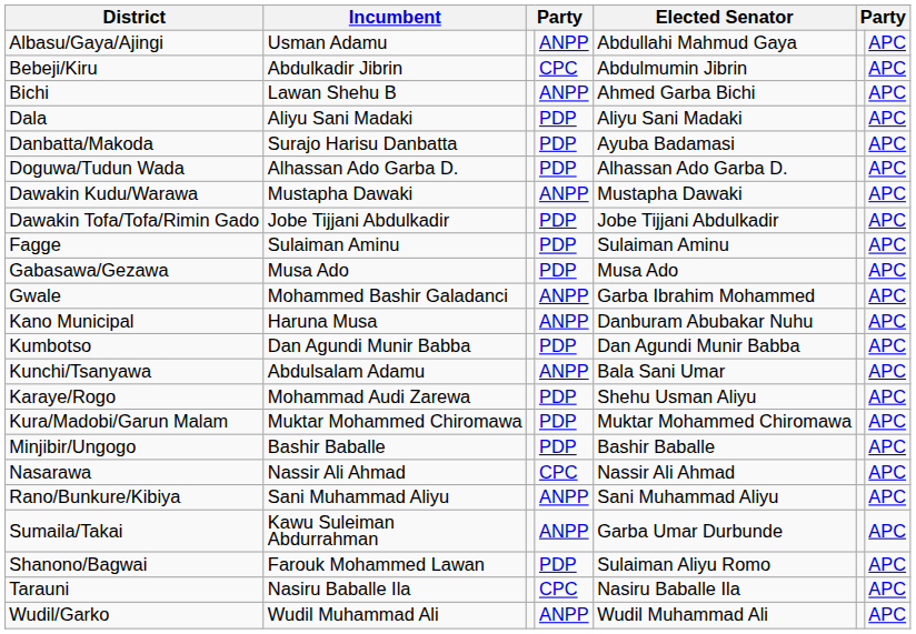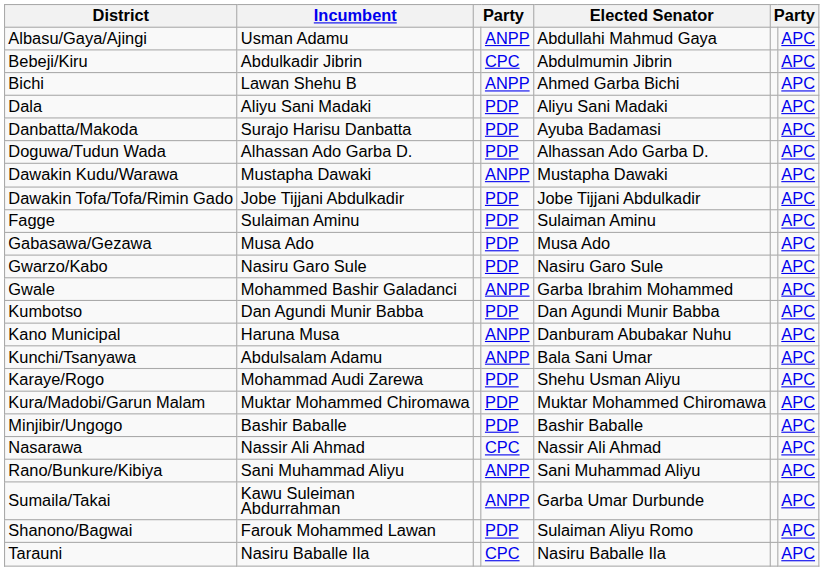 <table class="sortable wikitable" style="font-size:95%;line-height:14px;">
 <tr>
 <th class="unsortable">District</th>
 <th class="unsortable"><a href='#'>Incumbent</a></th>
 <th colspan="2">Party</th>
 <th class="unsortable">Elected Senator</th>
 <th colspan="2">Party</th>
 </tr>
 <tr>
 <td>Albasu/Gaya/Ajingi</td>
 <td>Usman Adamu</td>
 <td style="background:"></td>
 <td><a href='#'>ANPP</a></td>
 <td>Abdullahi Mahmud Gaya</td>
 <td style="background:"></td>
 <td><a href='#'>APC</a></td>
 </tr>
 <tr>
 <td>Bebeji/Kiru</td>
 <td>Abdulkadir Jibrin</td>
 <td style="background:"></td>
 <td><a href='#'>CPC</a></td>
 <td>Abdulmumin Jibrin</td>
 <td style="background:"></td>
 <td><a href='#'>APC</a></td>
 </tr>
 <tr>
 <td>Bichi</td>
 <td>Lawan Shehu B</td>
 <td style="background:"></td>
 <td><a href='#'>ANPP</a></td>
 <td>Ahmed Garba Bichi</td>
 <td style="background:"></td>
 <td><a href='#'>APC</a></td>
 </tr>
 <tr>
 <td>Dala</td>
 <td>Aliyu Sani Madaki</td>
 <td style="background:"></td>
 <td><a href='#'>PDP</a></td>
 <td>Aliyu Sani Madaki</td>
 <td style="background:"></td>
 <td><a href='#'>APC</a></td>
 </tr>
 <tr>
 <td>Danbatta/Makoda</td>
 <td>Surajo Harisu Danbatta</td>
 <td style="background:"></td>
 <td><a href='#'>PDP</a></td>
 <td>Ayuba Badamasi</td>
 <td style="background:"></td>
 <td><a href='#'>APC</a></td>
 </tr>
 <tr>
 <td>Doguwa/Tudun Wada</td>
 <td>Alhassan Ado Garba D.</td>
 <td style="background:"></td>
 <td><a href='#'>PDP</a></td>
 <td>Alhassan Ado Garba D.</td>
 <td style="background:"></td>
 <td><a href='#'>APC</a></td>
 </tr>
 <tr>
 <td>Dawakin Kudu/Warawa</td>
 <td>Mustapha Dawaki</td>
 <td style="background:"></td>
 <td><a href='#'>ANPP</a></td>
 <td>Mustapha Dawaki</td>
 <td style="background:"></td>
 <td><a href='#'>APC</a></td>
 </tr>
 <tr>
 <td>Dawakin Tofa/Tofa/Rimin Gado</td>
 <td>Jobe Tijjani Abdulkadir</td>
 <td style="background:"></td>
 <td><a href='#'>PDP</a></td>
 <td>Jobe Tijjani Abdulkadir</td>
 <td style="background:"></td>
 <td><a href='#'>APC</a></td>
 </tr>
 <tr>
 <td>Fagge</td>
 <td>Sulaiman Aminu</td>
 <td style="background:"></td>
 <td><a href='#'>PDP</a></td>
 <td>Sulaiman Aminu</td>
 <td style="background:"></td>
 <td><a href='#'>APC</a></td>
 </tr>
 <tr>
 <td>Gabasawa/Gezawa</td>
 <td>Musa Ado</td>
 <td style="background:"></td>
 <td><a href='#'>PDP</a></td>
 <td>Musa Ado</td>
 <td style="background:"></td>
 <td><a href='#'>APC</a></td>
 </tr>
 <tr>
+<td>Gwarzo/Kabo</td>
+<td>Nasiru Garo Sule</td>
+<td style="background:"></td>
+<td><a href='#'>PDP</a></td>
+<td>Nasiru Garo Sule</td>
+<td style="background:"></td>
+<td><a href='#'>APC</a></td>
+</tr>
+<tr>
 <td>Gwale</td>
 <td>Mohammed Bashir Galadanci</td>
 <td style="background:"></td>
 <td><a href='#'>ANPP</a></td>
 <td>Garba Ibrahim Mohammed</td>
 <td style="background:"></td>
 <td><a href='#'>APC</a></td>
 </tr>
 <tr>
+<td>Kumbotso</td>
+<td>Dan Agundi Munir Babba</td>
+<td style="background:"></td>
+<td><a href='#'>PDP</a></td>
+<td>Dan Agundi Munir Babba</td>
+<td style="background:"></td>
+<td><a href='#'>APC</a></td>
+</tr>
+<tr>
 <td>Kano Municipal</td>
 <td>Haruna Musa</td>
 <td style="background:"></td>
 <td><a href='#'>ANPP</a></td>
 <td>Danburam Abubakar Nuhu</td>
-<td style="background:"></td>
-<td><a href='#'>APC</a></td>
-</tr>
-<tr>
-<td>Kumbotso</td>
-<td>Dan Agundi Munir Babba</td>
-<td style="background:"></td>
-<td><a href='#'>PDP</a></td>
-<td>Dan Agundi Munir Babba</td>
 <td style="background:"></td>
 <td><a href='#'>APC</a></td>
 </tr>
 <tr>
 <td>Kunchi/Tsanyawa</td>
 <td>Abdulsalam Adamu</td>
 <td style="background:"></td>
 <td><a href='#'>ANPP</a></td>
 <td>Bala Sani Umar</td>
 <td style="background:"></td>
 <td><a href='#'>APC</a></td>
 </tr>
 <tr>
 <td>Karaye/Rogo</td>
 <td>Mohammad Audi Zarewa</td>
 <td style="background:"></td>
 <td><a href='#'>PDP</a></td>
 <td>Shehu Usman Aliyu</td>
 <td style="background:"></td>
 <td><a href='#'>APC</a></td>
 </tr>
 <tr>
 <td>Kura/Madobi/Garun Malam</td>
 <td>Muktar Mohammed Chiromawa</td>
 <td style="background:"></td>
 <td><a href='#'>PDP</a></td>
 <td>Muktar Mohammed Chiromawa</td>
 <td style="background:"></td>
 <td><a href='#'>APC</a></td>
 </tr>
 <tr>
 <td>Minjibir/Ungogo</td>
 <td>Bashir Baballe</td>
 <td style="background:"></td>
 <td><a href='#'>PDP</a></td>
 <td>Bashir Baballe</td>
 <td style="background:"></td>
 <td><a href='#'>APC</a></td>
 </tr>
 <tr>
 <td>Nasarawa</td>
 <td>Nassir Ali Ahmad</td>
 <td style="background:"></td>
 <td><a href='#'>CPC</a></td>
 <td>Nassir Ali Ahmad</td>
 <td style="background:"></td>
 <td><a href='#'>APC</a></td>
 </tr>
 <tr>
 <td>Rano/Bunkure/Kibiya</td>
 <td>Sani Muhammad Aliyu</td>
 <td style="background:"></td>
 <td><a href='#'>ANPP</a></td>
 <td>Sani Muhammad Aliyu</td>
 <td style="background:"></td>
 <td><a href='#'>APC</a></td>
 </tr>
 <tr>
 <td>Sumaila/Takai</td>
 <td>Kawu Suleiman<br>Abdurrahman</td>
 <td style="background:"></td>
 <td><a href='#'>ANPP</a></td>
 <td>Garba Umar Durbunde</td>
 <td style="background:"></td>
 <td><a href='#'>APC</a></td>
 </tr>
 <tr>
 <td>Shanono/Bagwai</td>
 <td>Farouk Mohammed Lawan</td>
 <td style="background:"></td>
 <td><a href='#'>PDP</a></td>
 <td>Sulaiman Aliyu Romo</td>
 <td style="background:"></td>
 <td><a href='#'>APC</a></td>
 </tr>
 <tr>
 <td>Tarauni</td>
 <td>Nasiru Baballe Ila</td>
 <td style="background:"></td>
 <td><a href='#'>CPC</a></td>
 <td>Nasiru Baballe Ila</td>
 <td style="background:"></td>
 <td><a href='#'>APC</a></td>
 </tr>
-<tr>
-<td>Wudil/Garko</td>
-<td>Wudil Muhammad Ali</td>
-<td style="background:"></td>
-<td><a href='#'>ANPP</a></td>
-<td>Wudil Muhammad Ali</td>
-<td style="background:"></td>
-<td><a href='#'>APC</a></td>
-</tr>
 </table>
